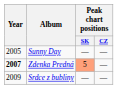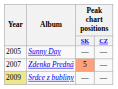 <table class="wikitable" style="font-size: 9pt; text-align:left;">
 <tr>
 <th rowspan="2" style="width:30px;">Year</th>
 <th rowspan="2">Album</th>
 <th colspan="2">Peak chart positions</th>
 </tr>
 <tr style="font-size:smaller;">
 <th style="width:25px;"><a href='#'>SK</a></th>
 <th style="width:25px;"><a href='#'>CZ</a></th>
 </tr>
 <tr>
 <td>2005</td>
 <td><em><a href='#'>Sunny Day</a></em></td>
 <td style="text-align:center;">—</td>
 <td style="text-align:center;">—</td>
 </tr>
 <tr>
-<td><strong>2007</strong></td>
+<td>2007</td>
 <td><em><a href='#'>Zdenka Predná</a></em></td>
 <td style="background: lightsalmon; text-align:center;">5</td>
 <td style="text-align:center;">—</td>
 </tr>
 <tr>
-<td>2009</td>
+<td style="background: khaki;">2009</td>
 <td><em><a href='#'>Srdce z bubliny</a></em></td>
 <td style="text-align:center;">—</td>
 <td style="text-align:center;">—</td>
 </tr>
 </table>
